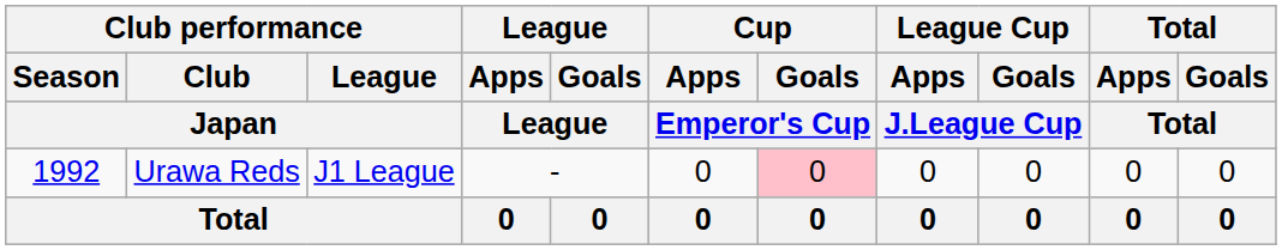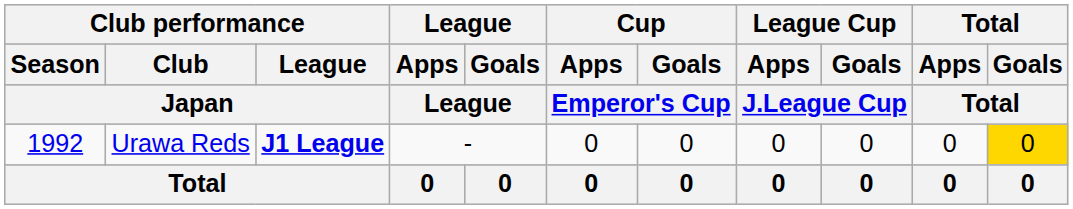 <table class="wikitable" style="text-align:center;">
 <tr>
 <th colspan=3>Club performance</th>
 <th colspan=2>League</th>
 <th colspan=2>Cup</th>
 <th colspan=2>League Cup</th>
 <th colspan=2>Total</th>
 </tr>
 <tr>
 <th>Season</th>
 <th>Club</th>
 <th>League</th>
 <th>Apps</th>
 <th>Goals</th>
 <th>Apps</th>
 <th>Goals</th>
 <th>Apps</th>
 <th>Goals</th>
 <th>Apps</th>
 <th>Goals</th>
 </tr>
 <tr>
 <th colspan=3>Japan</th>
 <th colspan=2>League</th>
 <th colspan=2><a href='#'>Emperor's Cup</a></th>
 <th colspan=2><a href='#'>J.League Cup</a></th>
 <th colspan=2>Total</th>
 </tr>
 <tr>
 <td><a href='#'>1992</a></td>
 <td><a href='#'>Urawa Reds</a></td>
-<td><a href='#'>J1 League</a></td>
+<td><strong><a href='#'>J1 League</a></strong></td>
 <td colspan="2">-</td>
-<td>0</td>
-<td style="background: pink;">0</td>
 <td>0</td>
 <td>0</td>
 <td>0</td>
 <td>0</td>
+<td>0</td>
+<td style="background: gold;">0</td>
 </tr>
 <tr>
 <th colspan=3>Total</th>
 <th>0</th>
 <th>0</th>
 <th>0</th>
 <th>0</th>
 <th>0</th>
 <th>0</th>
 <th>0</th>
 <th>0</th>
 </tr>
 </table>
